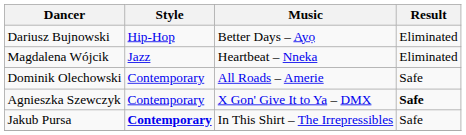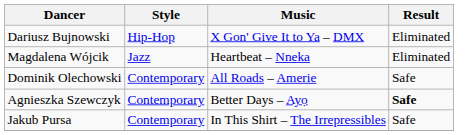 <table class="wikitable">
 <tr>
 <th>Dancer</th>
 <th>Style</th>
 <th>Music</th>
 <th>Result</th>
 </tr>
 <tr>
 <td>Dariusz Bujnowski</td>
 <td><a href='#'>Hip-Hop</a></td>
-<td>Better Days – <a href='#'>Ayọ</a></td>
+<td><a href='#'>X Gon' Give It to Ya</a> – <a href='#'>DMX</a></td>
 <td>Eliminated</td>
 </tr>
 <tr>
 <td>Magdalena Wójcik</td>
 <td><a href='#'>Jazz</a></td>
 <td>Heartbeat – <a href='#'>Nneka</a></td>
 <td>Eliminated</td>
 </tr>
 <tr>
 <td>Dominik Olechowski</td>
 <td><a href='#'>Contemporary</a></td>
 <td><a href='#'>All Roads</a> – <a href='#'>Amerie</a></td>
 <td>Safe</td>
 </tr>
 <tr>
 <td>Agnieszka Szewczyk</td>
 <td><a href='#'>Contemporary</a></td>
-<td><a href='#'>X Gon' Give It to Ya</a> – <a href='#'>DMX</a></td>
+<td>Better Days – <a href='#'>Ayọ</a></td>
 <td><strong>Safe</strong></td>
 </tr>
 <tr>
 <td>Jakub Pursa</td>
-<td><strong><a href='#'>Contemporary</a></strong></td>
+<td><a href='#'>Contemporary</a></td>
 <td>In This Shirt – <a href='#'>The Irrepressibles</a></td>
 <td>Safe</td>
 </tr>
 <tr>
 </tr>
 </table>
